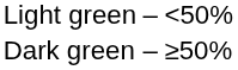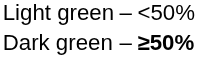 <table class="toccolours" style="font-size:100%;">
 <tr>
 <td></td>
 <td>Light green</td>
 <td>–</td>
 <td><50%</td>
 </tr>
 <tr>
 <td></td>
 <td>Dark green</td>
 <td>–</td>
-<td>≥50%</td>
+<td><strong>≥50%</strong></td>
 </tr>
 </table>
